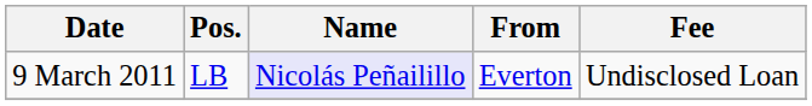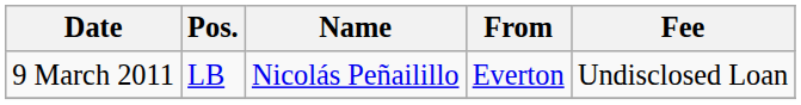 <table class="wikitable">
 <tr>
 <th>Date</th>
 <th>Pos.</th>
 <th>Name</th>
 <th>From</th>
 <th>Fee</th>
 </tr>
 <tr>
 <td>9 March 2011</td>
 <td><a href='#'>LB</a></td>
-<td style="background: lavender;"> <a href='#'>Nicolás Peñailillo</a></td>
+<td> <a href='#'>Nicolás Peñailillo</a></td>
 <td> <a href='#'>Everton</a></td>
 <td>Undisclosed Loan</td>
 </tr>
 <tr>
 </tr>
 </table>
